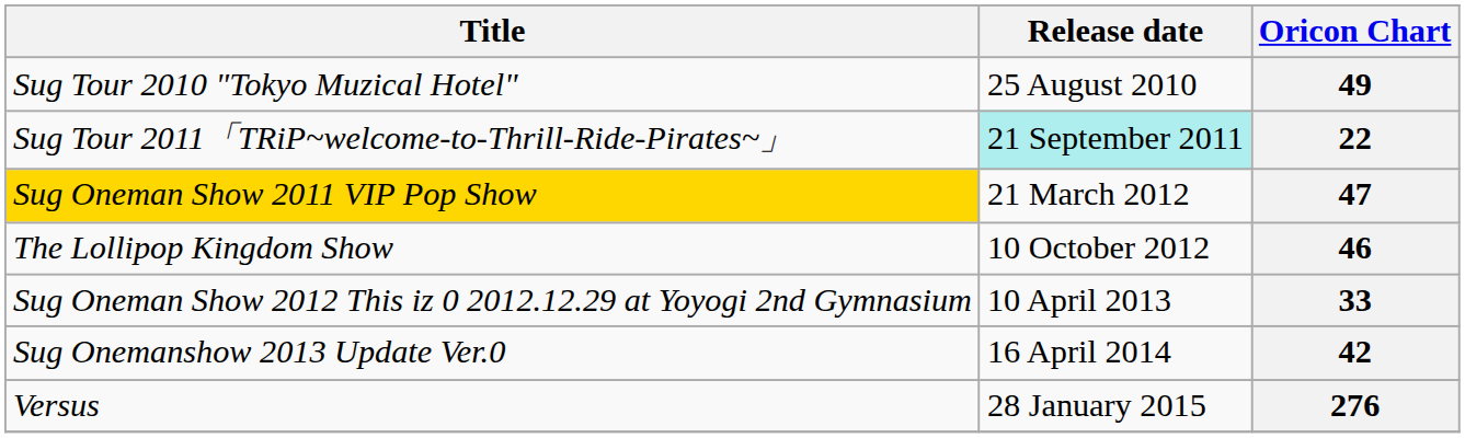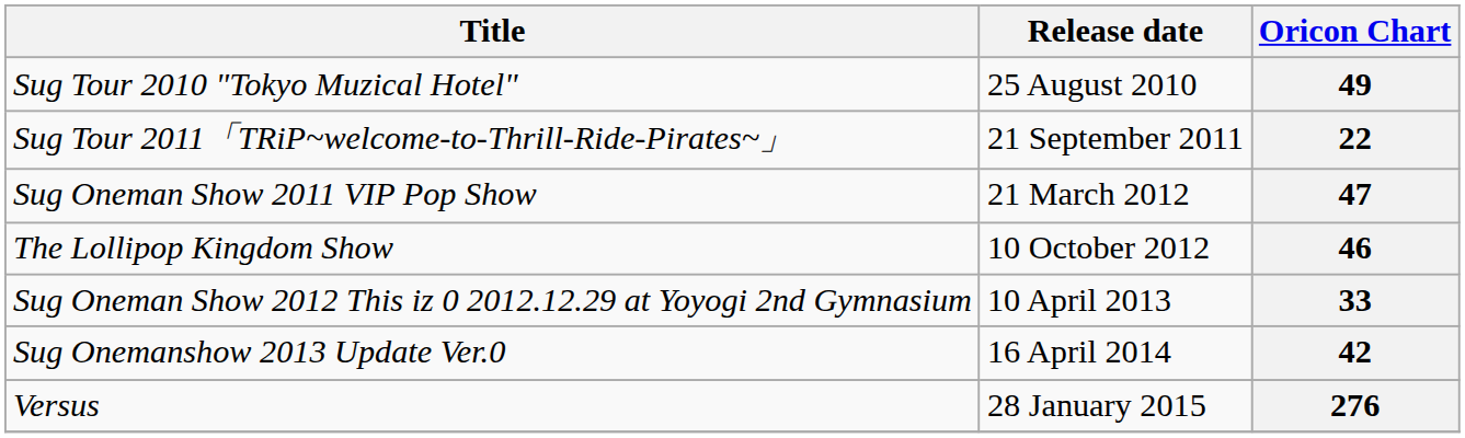 <table class="wikitable">
 <tr>
 <th>Title</th>
 <th>Release date</th>
 <th><a href='#'>Oricon Chart</a></th>
 </tr>
 <tr>
 <td><em>Sug Tour 2010 "Tokyo Muzical Hotel"</em></td>
 <td>25 August 2010</td>
 <th>49</th>
 </tr>
 <tr>
 <td><em>Sug Tour 2011「TRiP~welcome-to-Thrill-Ride-Pirates~」</em></td>
-<td style="background: paleturquoise;">21 September 2011</td>
+<td>21 September 2011</td>
 <th>22</th>
 </tr>
 <tr>
-<td style="background: gold;"><em>Sug Oneman Show 2011 VIP Pop Show</em></td>
+<td><em>Sug Oneman Show 2011 VIP Pop Show</em></td>
 <td>21 March 2012</td>
 <th>47</th>
 </tr>
 <tr>
 <td><em>The Lollipop Kingdom Show</em></td>
 <td>10 October 2012</td>
 <th>46</th>
 </tr>
 <tr>
 <td><em>Sug Oneman Show 2012 This iz 0 2012.12.29 at Yoyogi 2nd Gymnasium</em></td>
 <td>10 April 2013</td>
 <th>33</th>
 </tr>
 <tr>
 <td><em>Sug Onemanshow 2013 Update Ver.0</em></td>
 <td>16 April 2014</td>
 <th>42</th>
 </tr>
 <tr>
 <td><em>Versus</em></td>
 <td>28 January 2015</td>
 <th>276</th>
 </tr>
 <tr>
 </tr>
 </table>
